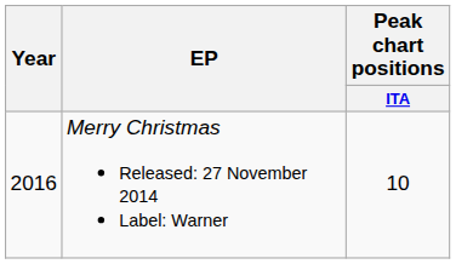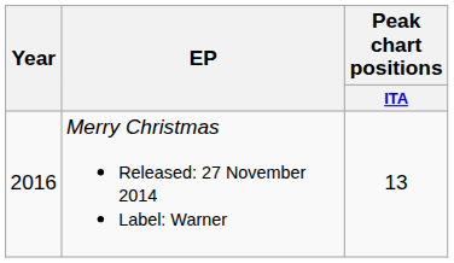 <table class="wikitable" style="testo-align:center;">
 <tr>
 <th rowspan="2">Year</th>
 <th width="210" rowspan="2">EP</th>
 <th colspan="1">Peak chart positions</th>
 </tr>
 <tr>
 <th style="width:4em;font-size:75%"><a href='#'>ITA</a></th>
 </tr>
 <tr>
 <td>2016</td>
 <td align="left"><em>Merry Christmas</em><br><ul><li><small>Released: 27 November 2014</small></li><li><small>Label: Warner</small></li></ul></td>
-<td align="center">10</td>
+<td align="center">13</td>
 </tr>
 </table>
